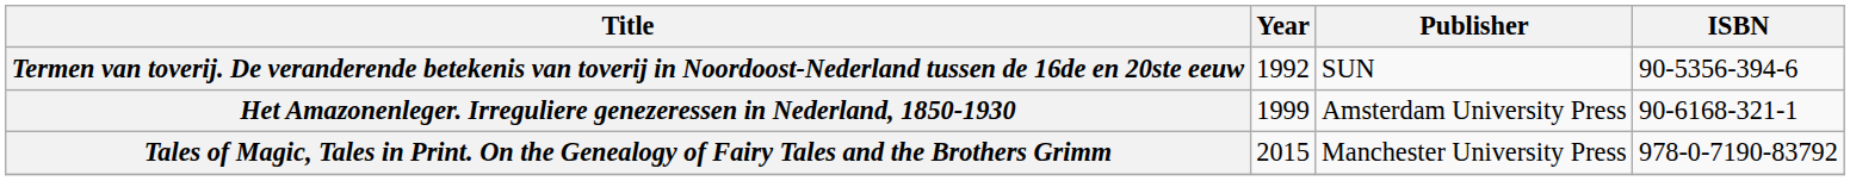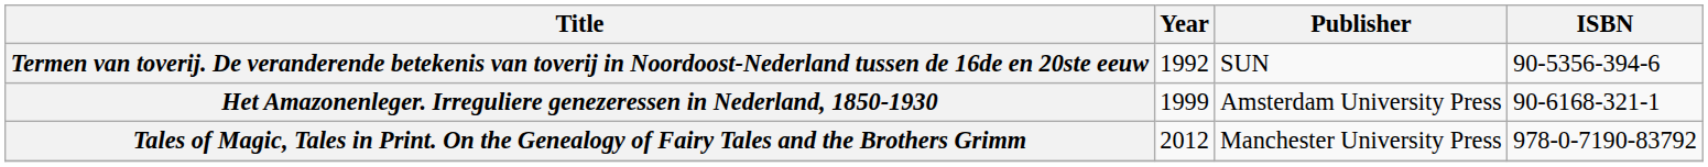 <table class="wikitable plainrowheaders sortable">
 <tr>
 <th scope="col">Title</th>
 <th scope="col">Year</th>
 <th scope="col">Publisher</th>
 <th scope="col" class="unsortable">ISBN</th>
 </tr>
 <tr>
 <th scope="row"><em>Termen van toverij. De veranderende betekenis van toverij in Noordoost-Nederland tussen de 16de en 20ste eeuw</em></th>
 <td>1992</td>
 <td>SUN</td>
 <td>90-5356-394-6</td>
 </tr>
 <tr>
 <th scope="row"><em>Het Amazonenleger. Irreguliere genezeressen in Nederland, 1850-1930</em></th>
 <td>1999</td>
 <td>Amsterdam University Press</td>
 <td>90-6168-321-1</td>
 </tr>
 <tr>
 <th scope="row"><em>Tales of Magic, Tales in Print. On the Genealogy of Fairy Tales and the Brothers Grimm</em></th>
-<td>2015</td>
+<td>2012</td>
 <td>Manchester University Press</td>
 <td>978-0-7190-83792</td>
 </tr>
 <tr>
 </tr>
 </table>
